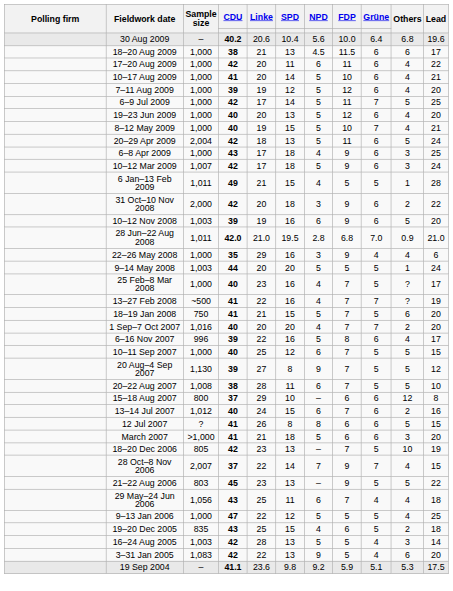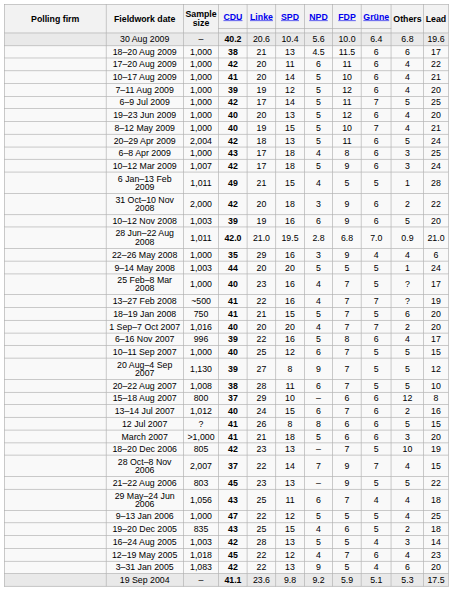 <table class="wikitable sortable" style="text-align:center;font-size:90%;line-height:14px;">
 <tr style="height:40px;">
 <th style="width:160px;" rowspan="2">Polling firm</th>
 <th style="width:120px;" rowspan="2">Fieldwork date</th>
 <th style="width:35px;" rowspan="2">Sample<br>size</th>
 <th class="unsortable" style="width:40px;"><a href='#'>CDU</a></th>
 <th class="unsortable" style="width:40px;"><a href='#'>Linke</a></th>
 <th class="unsortable" style="width:40px;"><a href='#'>SPD</a></th>
 <th class="unsortable" style="width:40px;"><a href='#'>NPD</a></th>
 <th class="unsortable" style="width:40px;"><a href='#'>FDP</a></th>
 <th class="unsortable" style="width:40px;"><a href='#'>Grüne</a></th>
 <th class="unsortable" style="width:40px;" rowspan="2">Others</th>
 <th style="width:30px;" rowspan="2">Lead</th>
 </tr>
 <tr>
 <th style="background:"></th>
 <th style="background:"></th>
 <th style="background:"></th>
 <th style="background:"></th>
 <th style="background:"></th>
 <th style="background:"></th>
 </tr>
 <tr style="background:#E9E9E9;">
 <td></td>
 <td data-sort-value="2009-08-30">30 Aug 2009</td>
 <td>–</td>
 <td><strong>40.2</strong></td>
 <td>20.6</td>
 <td>10.4</td>
 <td>5.6</td>
 <td>10.0</td>
 <td>6.4</td>
 <td>6.8</td>
 <td style="background:">19.6</td>
 </tr>
 <tr>
 <td></td>
 <td data-sort-value="2009-08-20">18–20 Aug 2009</td>
 <td>1,000</td>
 <td><strong>38</strong></td>
 <td>21</td>
 <td>13</td>
 <td>4.5</td>
 <td>11.5</td>
 <td>6</td>
 <td>6</td>
 <td style="background:">17</td>
 </tr>
 <tr>
 <td></td>
 <td data-sort-value="2009-08-21">17–20 Aug 2009</td>
 <td>1,000</td>
 <td><strong>42</strong></td>
 <td>20</td>
 <td>11</td>
 <td>6</td>
 <td>11</td>
 <td>6</td>
 <td>4</td>
 <td style="background:">22</td>
 </tr>
 <tr>
 <td></td>
 <td data-sort-value="2009-08-22">10–17 Aug 2009</td>
 <td>1,000</td>
 <td><strong>41</strong></td>
 <td>20</td>
 <td>14</td>
 <td>5</td>
 <td>10</td>
 <td>6</td>
 <td>4</td>
 <td style="background:">21</td>
 </tr>
 <tr>
 <td></td>
 <td data-sort-value="2009-08-12">7–11 Aug 2009</td>
 <td>1,000</td>
 <td><strong>39</strong></td>
 <td>19</td>
 <td>12</td>
 <td>5</td>
 <td>12</td>
 <td>6</td>
 <td>4</td>
 <td style="background:">20</td>
 </tr>
 <tr>
 <td></td>
 <td data-sort-value="2009-07-16">6–9 Jul 2009</td>
 <td>1,000</td>
 <td><strong>42</strong></td>
 <td>17</td>
 <td>14</td>
 <td>5</td>
 <td>11</td>
 <td>7</td>
 <td>5</td>
 <td style="background:">25</td>
 </tr>
 <tr>
 <td></td>
 <td data-sort-value="2009-06-25">19–23 Jun 2009</td>
 <td>1,000</td>
 <td><strong>40</strong></td>
 <td>20</td>
 <td>13</td>
 <td>5</td>
 <td>12</td>
 <td>6</td>
 <td>4</td>
 <td style="background:">20</td>
 </tr>
 <tr>
 <td></td>
 <td data-sort-value="2009-05-14">8–12 May 2009</td>
 <td>1,000</td>
 <td><strong>40</strong></td>
 <td>19</td>
 <td>15</td>
 <td>5</td>
 <td>10</td>
 <td>7</td>
 <td>4</td>
 <td style="background:">21</td>
 </tr>
 <tr>
 <td></td>
 <td data-sort-value="2009-05-05">20–29 Apr 2009</td>
 <td>2,004</td>
 <td><strong>42</strong></td>
 <td>18</td>
 <td>13</td>
 <td>5</td>
 <td>11</td>
 <td>6</td>
 <td>5</td>
 <td style="background:">24</td>
 </tr>
 <tr>
 <td></td>
 <td data-sort-value="2009-04-21">6–8 Apr 2009</td>
 <td>1,000</td>
 <td><strong>43</strong></td>
 <td>17</td>
 <td>18</td>
 <td>4</td>
-<td>9</td>
+<td>8</td>
 <td>6</td>
 <td>3</td>
 <td style="background:">25</td>
 </tr>
 <tr>
 <td></td>
 <td data-sort-value="2009-03-24">10–12 Mar 2009</td>
 <td>1,007</td>
 <td><strong>42</strong></td>
 <td>17</td>
 <td>18</td>
 <td>5</td>
 <td>9</td>
 <td>6</td>
 <td>3</td>
 <td style="background:">24</td>
 </tr>
 <tr>
 <td></td>
 <td data-sort-value="2009-03-24">6 Jan–13 Feb 2009</td>
 <td>1,011</td>
 <td><strong>49</strong></td>
 <td>21</td>
 <td>15</td>
 <td>4</td>
 <td>5</td>
 <td>5</td>
 <td>1</td>
 <td style="background:">28</td>
 </tr>
 <tr>
 <td></td>
 <td data-sort-value="2008-12-02">31 Oct–10 Nov 2008</td>
 <td>2,000</td>
 <td><strong>42</strong></td>
 <td>20</td>
 <td>18</td>
 <td>3</td>
 <td>9</td>
 <td>6</td>
 <td>2</td>
 <td style="background:">22</td>
 </tr>
 <tr>
 <td></td>
 <td data-sort-value="2008-11-14">10–12 Nov 2008</td>
 <td>1,003</td>
 <td><strong>39</strong></td>
 <td>19</td>
 <td>16</td>
 <td>6</td>
 <td>9</td>
 <td>6</td>
 <td>5</td>
 <td style="background:">20</td>
 </tr>
 <tr>
 <td></td>
 <td data-sort-value="2008-10-07">28 Jun–22 Aug 2008</td>
 <td>1,011</td>
 <td><strong>42.0</strong></td>
 <td>21.0</td>
 <td>19.5</td>
 <td>2.8</td>
 <td>6.8</td>
 <td>7.0</td>
 <td>0.9</td>
 <td style="background:">21.0</td>
 </tr>
 <tr>
 <td></td>
 <td data-sort-value="2008-05-28">22–26 May 2008</td>
 <td>1,000</td>
 <td><strong>35</strong></td>
 <td>29</td>
 <td>16</td>
 <td>3</td>
 <td>9</td>
 <td>4</td>
 <td>4</td>
 <td style="background:">6</td>
 </tr>
 <tr>
 <td></td>
 <td data-sort-value="2008-05-21">9–14 May 2008</td>
 <td>1,003</td>
 <td><strong>44</strong></td>
 <td>20</td>
 <td>20</td>
 <td>5</td>
 <td>5</td>
 <td>5</td>
 <td>1</td>
 <td style="background:">24</td>
 </tr>
 <tr>
 <td></td>
 <td data-sort-value="2008-03-17">25 Feb–8 Mar 2008</td>
 <td>1,000</td>
 <td><strong>40</strong></td>
 <td>23</td>
 <td>16</td>
 <td>4</td>
 <td>7</td>
 <td>5</td>
 <td>?</td>
 <td style="background:">17</td>
 </tr>
 <tr>
 <td></td>
 <td data-sort-value="2008-03-02">13–27 Feb 2008</td>
 <td>~500</td>
 <td><strong>41</strong></td>
 <td>22</td>
 <td>16</td>
 <td>4</td>
 <td>7</td>
 <td>7</td>
 <td>?</td>
 <td style="background:">19</td>
 </tr>
 <tr>
 <td></td>
 <td data-sort-value="2008-01-29">18–19 Jan 2008</td>
 <td>750</td>
 <td><strong>41</strong></td>
 <td>21</td>
 <td>15</td>
 <td>5</td>
 <td>7</td>
 <td>5</td>
 <td>6</td>
 <td style="background:">20</td>
 </tr>
 <tr>
 <td></td>
 <td data-sort-value="2007-12-18">1 Sep–7 Oct 2007</td>
 <td>1,016</td>
 <td><strong>40</strong></td>
 <td>20</td>
 <td>20</td>
 <td>4</td>
 <td>7</td>
 <td>7</td>
 <td>2</td>
 <td style="background:">20</td>
 </tr>
 <tr>
 <td></td>
 <td data-sort-value="2007-11-26">6–16 Nov 2007</td>
 <td>996</td>
 <td><strong>39</strong></td>
 <td>22</td>
 <td>16</td>
 <td>5</td>
 <td>8</td>
 <td>6</td>
 <td>4</td>
 <td style="background:">17</td>
 </tr>
 <tr>
 <td></td>
 <td data-sort-value="2007-09-12">10–11 Sep 2007</td>
 <td>1,000</td>
 <td><strong>40</strong></td>
 <td>25</td>
 <td>12</td>
 <td>6</td>
 <td>7</td>
 <td>5</td>
 <td>5</td>
 <td style="background:">15</td>
 </tr>
 <tr>
 <td></td>
 <td data-sort-value="2007-09-06">20 Aug–4 Sep 2007</td>
 <td>1,130</td>
 <td><strong>39</strong></td>
 <td>27</td>
 <td>8</td>
 <td>9</td>
 <td>7</td>
 <td>5</td>
 <td>5</td>
 <td style="background:">12</td>
 </tr>
 <tr>
 <td></td>
 <td data-sort-value="2007-08-39">20–22 Aug 2007</td>
 <td>1,008</td>
 <td><strong>38</strong></td>
 <td>28</td>
 <td>11</td>
 <td>6</td>
 <td>7</td>
 <td>5</td>
 <td>5</td>
 <td style="background:">10</td>
 </tr>
 <tr>
 <td></td>
 <td data-sort-value="2007-08-22">15–18 Aug 2007</td>
 <td>800</td>
 <td><strong>37</strong></td>
 <td>29</td>
 <td>10</td>
 <td>–</td>
 <td>6</td>
 <td>6</td>
 <td>12</td>
 <td style="background:">8</td>
 </tr>
 <tr>
 <td></td>
 <td data-sort-value="2007-07-20">13–14 Jul 2007</td>
 <td>1,012</td>
 <td><strong>40</strong></td>
 <td>24</td>
 <td>15</td>
 <td>6</td>
 <td>7</td>
 <td>6</td>
 <td>2</td>
 <td style="background:">16</td>
 </tr>
 <tr>
 <td></td>
 <td data-sort-value="2007-07-12">12 Jul 2007</td>
 <td>?</td>
 <td><strong>41</strong></td>
 <td>26</td>
 <td>8</td>
 <td>8</td>
 <td>6</td>
 <td>6</td>
 <td>5</td>
 <td style="background:">15</td>
 </tr>
 <tr>
 <td></td>
 <td data-sort-value="2007-03-28">March 2007</td>
 <td>>1,000</td>
 <td><strong>41</strong></td>
 <td>21</td>
 <td>18</td>
 <td>5</td>
 <td>6</td>
 <td>6</td>
 <td>3</td>
 <td style="background:">20</td>
 </tr>
 <tr>
 <td></td>
 <td data-sort-value="2006-12-26">18–20 Dec 2006</td>
 <td>805</td>
 <td><strong>42</strong></td>
 <td>23</td>
 <td>13</td>
 <td>–</td>
 <td>7</td>
 <td>5</td>
 <td>10</td>
 <td style="background:">19</td>
 </tr>
 <tr>
 <td></td>
 <td data-sort-value="2006-11-24">28 Oct–8 Nov 2006</td>
 <td>2,007</td>
 <td><strong>37</strong></td>
 <td>22</td>
 <td>14</td>
 <td>7</td>
 <td>9</td>
 <td>7</td>
 <td>4</td>
 <td style="background:">15</td>
 </tr>
 <tr>
 <td></td>
 <td data-sort-value="2006-08-24">21–22 Aug 2006</td>
 <td>803</td>
 <td><strong>45</strong></td>
 <td>23</td>
 <td>13</td>
 <td>–</td>
 <td>9</td>
 <td>5</td>
 <td>5</td>
 <td style="background:">22</td>
 </tr>
 <tr>
 <td></td>
 <td data-sort-value="2006-07-18">29 May–24 Jun 2006</td>
 <td>1,056</td>
 <td><strong>43</strong></td>
 <td>25</td>
 <td>11</td>
 <td>6</td>
 <td>7</td>
 <td>4</td>
 <td>4</td>
 <td style="background:">18</td>
 </tr>
 <tr>
 <td></td>
 <td data-sort-value="2006-02-14">9–13 Jan 2006</td>
 <td>1,000</td>
 <td><strong>47</strong></td>
 <td>22</td>
 <td>12</td>
 <td>5</td>
 <td>5</td>
 <td>5</td>
 <td>4</td>
 <td style="background:">25</td>
 </tr>
 <tr>
 <td></td>
 <td data-sort-value="2005-12-27">19–20 Dec 2005</td>
 <td>835</td>
 <td><strong>43</strong></td>
 <td>25</td>
 <td>15</td>
 <td>4</td>
 <td>6</td>
 <td>5</td>
 <td>2</td>
 <td style="background:">18</td>
 </tr>
 <tr>
 <td></td>
 <td data-sort-value="2005-10-11">16–24 Aug 2005</td>
 <td>1,003</td>
 <td><strong>42</strong></td>
 <td>28</td>
 <td>13</td>
 <td>5</td>
 <td>5</td>
 <td>4</td>
 <td>3</td>
 <td style="background:">14</td>
 </tr>
 <tr>
 <td></td>
+<td data-sort-value="2005-07-12">12–19 May 2005</td>
+<td>1,018</td>
+<td><strong>45</strong></td>
+<td>22</td>
+<td>12</td>
+<td>4</td>
+<td>7</td>
+<td>6</td>
+<td>4</td>
+<td style="background:">23</td>
+</tr>
+<tr>
+<td></td>
 <td data-sort-value="2005-02-21">3–31 Jan 2005</td>
 <td>1,083</td>
 <td><strong>42</strong></td>
 <td>22</td>
 <td>13</td>
 <td>9</td>
 <td>5</td>
 <td>4</td>
 <td>6</td>
 <td style="background:">20</td>
 </tr>
 <tr style="background:#E9E9E9;">
 <td></td>
 <td data-sort-value="2004-09-19">19 Sep 2004</td>
 <td>–</td>
 <td><strong>41.1</strong></td>
 <td>23.6</td>
 <td>9.8</td>
 <td>9.2</td>
 <td>5.9</td>
 <td>5.1</td>
 <td>5.3</td>
 <td style="background:">17.5</td>
 </tr>
 </table>
